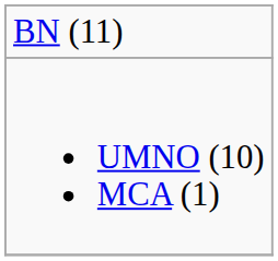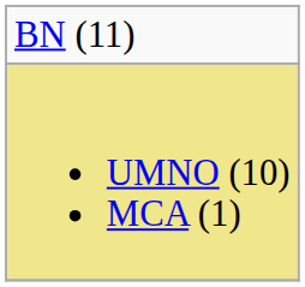 <table class="wikitable">
 <tr>
 <td> <a href='#'>BN</a> (11)</td>
 </tr>
 <tr>
-<td><br><ul><li> <a href='#'>UMNO</a> (10)</li><li> <a href='#'>MCA</a> (1)</li></ul></td>
+<td style="background: khaki;"><br><ul><li> <a href='#'>UMNO</a> (10)</li><li> <a href='#'>MCA</a> (1)</li></ul></td>
 </tr>
 <tr>
 </tr>
 </table>
